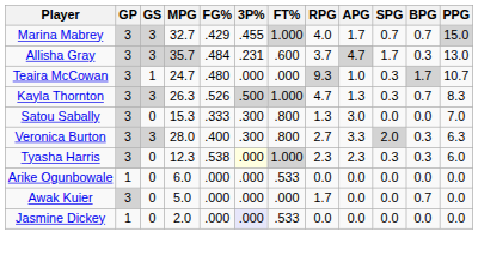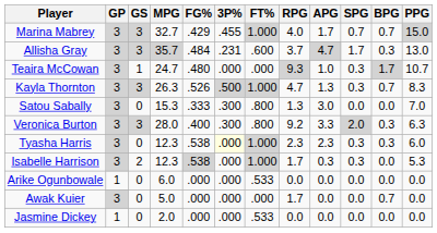 <table class="wikitable sortable" style="text-align:center">
 <tr>
 <th>Player</th>
 <th>GP</th>
 <th>GS</th>
 <th>MPG</th>
 <th>FG%</th>
 <th>3P%</th>
 <th>FT%</th>
 <th>RPG</th>
 <th>APG</th>
 <th>SPG</th>
 <th>BPG</th>
 <th>PPG</th>
 </tr>
 <tr>
 <td><a href='#'>Marina Mabrey</a></td>
 <td style="background:#D3D3D3;">3</td>
 <td style="background:#D3D3D3;">3</td>
 <td>32.7</td>
 <td>.429</td>
 <td>.455</td>
 <td style="background:#D3D3D3;">1.000</td>
 <td>4.0</td>
 <td>1.7</td>
 <td>0.7</td>
 <td>0.7</td>
 <td style="background:#D3D3D3;">15.0</td>
 </tr>
 <tr>
 <td><a href='#'>Allisha Gray</a></td>
 <td style="background:#D3D3D3;">3</td>
 <td style="background:#D3D3D3;">3</td>
 <td style="background:#D3D3D3;">35.7</td>
 <td>.484</td>
 <td>.231</td>
 <td>.600</td>
 <td>3.7</td>
 <td style="background:#D3D3D3;">4.7</td>
 <td>1.7</td>
 <td>0.3</td>
 <td>13.0</td>
 </tr>
 <tr>
 <td><a href='#'>Teaira McCowan</a></td>
 <td style="background:#D3D3D3;">3</td>
 <td>1</td>
 <td>24.7</td>
 <td>.480</td>
 <td>.000</td>
 <td>.000</td>
 <td style="background:#D3D3D3;">9.3</td>
 <td>1.0</td>
 <td>0.3</td>
 <td style="background:#D3D3D3;">1.7</td>
 <td>10.7</td>
 </tr>
 <tr>
 <td><a href='#'>Kayla Thornton</a></td>
 <td style="background:#D3D3D3;">3</td>
 <td style="background:#D3D3D3;">3</td>
 <td>26.3</td>
 <td>.526</td>
 <td style="background:#D3D3D3;">.500</td>
 <td style="background:#D3D3D3;">1.000</td>
 <td>4.7</td>
 <td>1.3</td>
 <td>0.3</td>
 <td>0.7</td>
 <td>8.3</td>
 </tr>
 <tr>
 <td><a href='#'>Satou Sabally</a></td>
 <td style="background:#D3D3D3;">3</td>
 <td>0</td>
 <td>15.3</td>
 <td>.333</td>
 <td>.300</td>
 <td>.800</td>
 <td>1.3</td>
 <td>3.0</td>
 <td>0.0</td>
 <td>0.0</td>
 <td>7.0</td>
 </tr>
 <tr>
 <td><a href='#'>Veronica Burton</a></td>
 <td style="background:#D3D3D3;">3</td>
 <td style="background:#D3D3D3;">3</td>
 <td>28.0</td>
 <td>.400</td>
 <td>.300</td>
 <td>.800</td>
-<td>2.7</td>
+<td>9.2</td>
 <td>3.3</td>
 <td style="background:#D3D3D3;">2.0</td>
 <td>0.3</td>
 <td>6.3</td>
 </tr>
 <tr>
 <td><a href='#'>Tyasha Harris</a></td>
 <td style="background:#D3D3D3;">3</td>
 <td>0</td>
 <td>12.3</td>
 <td>.538</td>
 <td style="background: lightyellow;">.000</td>
 <td style="background:#D3D3D3;">1.000</td>
 <td>2.3</td>
 <td>2.3</td>
 <td>0.3</td>
 <td>0.3</td>
 <td>6.0</td>
+</tr>
+<tr>
+<td><a href='#'>Isabelle Harrison</a></td>
+<td style="background:#D3D3D3;">3</td>
+<td>2</td>
+<td>12.3</td>
+<td style="background:#D3D3D3;">.538</td>
+<td>.000</td>
+<td style="background:#D3D3D3;">1.000</td>
+<td>1.7</td>
+<td>0.3</td>
+<td>0.3</td>
+<td>0.0</td>
+<td>5.3</td>
 </tr>
 <tr>
 <td><a href='#'>Arike Ogunbowale</a></td>
 <td>1</td>
 <td>0</td>
 <td>6.0</td>
 <td>.000</td>
 <td>.000</td>
 <td>.533</td>
 <td>0.0</td>
 <td>0.0</td>
 <td>0.0</td>
 <td>0.0</td>
 <td>0.0</td>
 </tr>
 <tr>
 <td><a href='#'>Awak Kuier</a></td>
 <td style="background:#D3D3D3;">3</td>
 <td>0</td>
 <td>5.0</td>
 <td>.000</td>
 <td>.000</td>
 <td>.000</td>
 <td>1.7</td>
 <td>0.0</td>
 <td>0.0</td>
 <td>0.7</td>
 <td>0.0</td>
 </tr>
 <tr>
 <td><a href='#'>Jasmine Dickey</a></td>
 <td>1</td>
 <td>0</td>
 <td>2.0</td>
 <td>.000</td>
-<td style="background: lavender;">.000</td>
+<td>.000</td>
 <td>.533</td>
 <td>0.0</td>
 <td>0.0</td>
 <td>0.0</td>
 <td>0.0</td>
 <td>0.0</td>
 </tr>
 </table>
